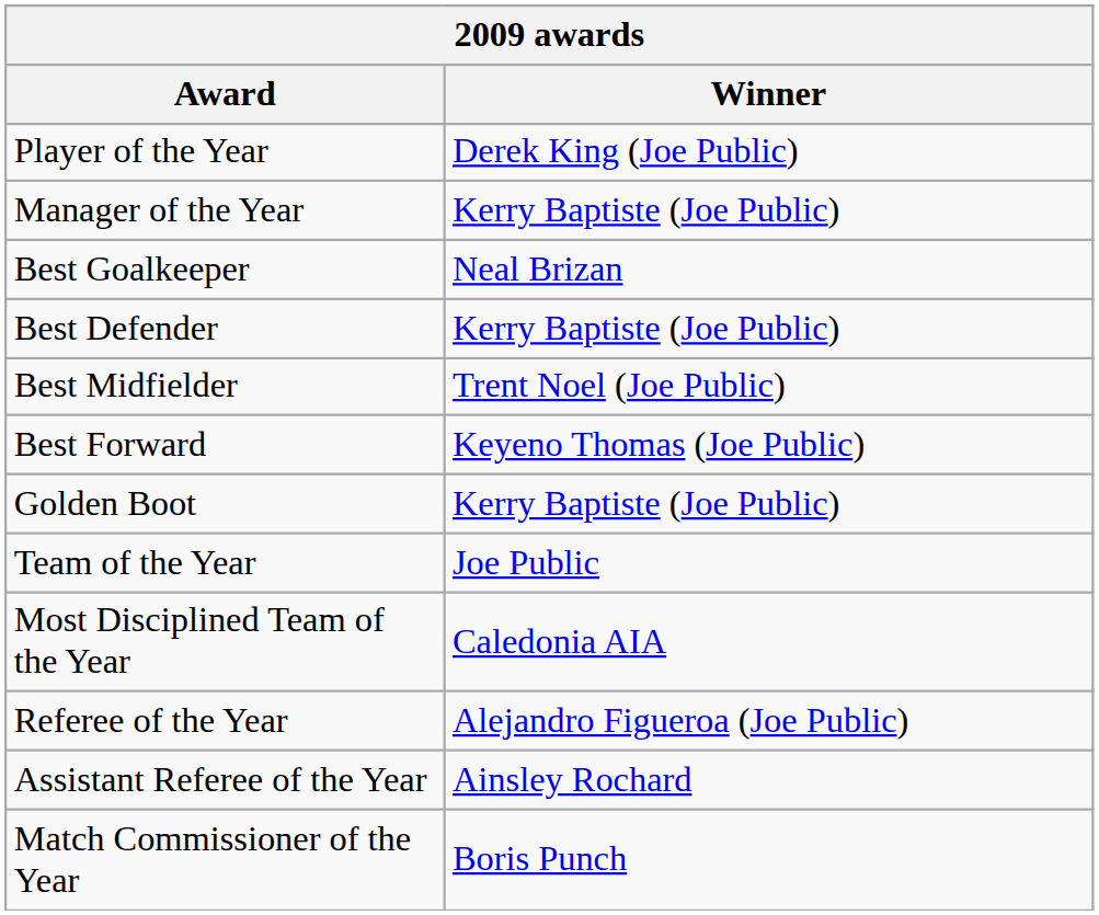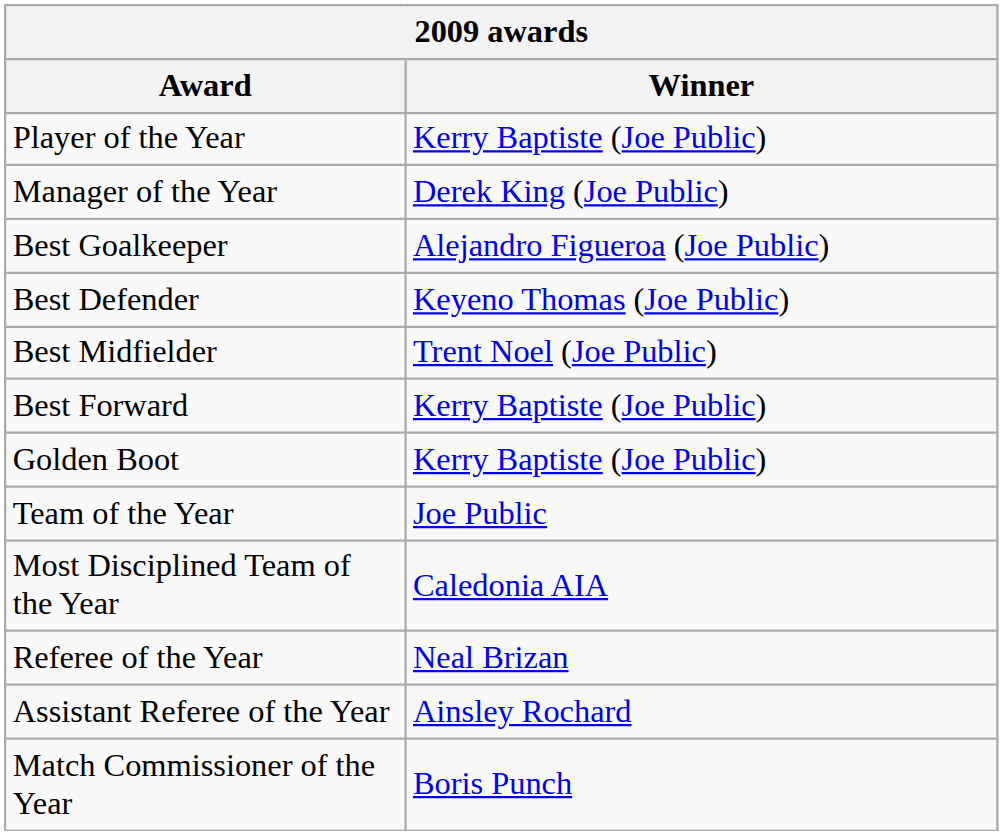 <table class="collapsible wikitable collapsed" width=50%; style="font-size:90%;">
 <tr>
 <th colspan="4">2009 awards</th>
 </tr>
 <tr>
 <th width=20%>Award</th>
 <th width=30%>Winner</th>
 </tr>
 <tr>
 <td>Player of the Year</td>
+<td> <a href='#'>Kerry Baptiste</a> (<a href='#'>Joe Public</a>)</td>
+</tr>
+<tr>
+<td>Manager of the Year</td>
 <td> <a href='#'>Derek King</a> (<a href='#'>Joe Public</a>)</td>
 </tr>
 <tr>
-<td>Manager of the Year</td>
-<td> <a href='#'>Kerry Baptiste</a> (<a href='#'>Joe Public</a>)</td>
-</tr>
-<tr>
 <td>Best Goalkeeper</td>
-<td><a href='#'>Neal Brizan</a></td>
+<td> <a href='#'>Alejandro Figueroa</a> (<a href='#'>Joe Public</a>)</td>
 </tr>
 <tr>
 <td>Best Defender</td>
-<td> <a href='#'>Kerry Baptiste</a> (<a href='#'>Joe Public</a>)</td>
+<td> <a href='#'>Keyeno Thomas</a> (<a href='#'>Joe Public</a>)</td>
 </tr>
 <tr>
 <td>Best Midfielder</td>
 <td> <a href='#'>Trent Noel</a> (<a href='#'>Joe Public</a>)</td>
 </tr>
 <tr>
 <td>Best Forward</td>
-<td> <a href='#'>Keyeno Thomas</a> (<a href='#'>Joe Public</a>)</td>
+<td> <a href='#'>Kerry Baptiste</a> (<a href='#'>Joe Public</a>)</td>
 </tr>
 <tr>
 <td>Golden Boot</td>
 <td> <a href='#'>Kerry Baptiste</a> (<a href='#'>Joe Public</a>)</td>
 </tr>
 <tr>
 <td>Team of the Year</td>
 <td><a href='#'>Joe Public</a></td>
 </tr>
 <tr>
 <td>Most Disciplined Team of the Year</td>
 <td><a href='#'>Caledonia AIA</a></td>
 </tr>
 <tr>
 <td>Referee of the Year</td>
-<td> <a href='#'>Alejandro Figueroa</a> (<a href='#'>Joe Public</a>)</td>
+<td><a href='#'>Neal Brizan</a></td>
 </tr>
 <tr>
 <td>Assistant Referee of the Year</td>
 <td><a href='#'>Ainsley Rochard</a></td>
 </tr>
 <tr>
 <td>Match Commissioner of the Year</td>
 <td><a href='#'>Boris Punch</a></td>
 </tr>
 </table>
